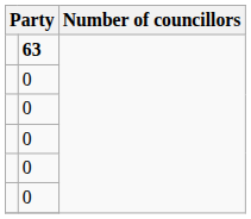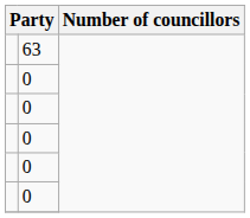 <table class="wikitable">
 <tr>
 <th colspan="2">Party</th>
 <th>Number of councillors</th>
 </tr>
 <tr>
 <td></td>
-<td><strong>63</strong></td>
+<td>63</td>
 </tr>
 <tr>
 <td></td>
 <td>0</td>
 </tr>
 <tr>
 <td></td>
 <td>0</td>
 </tr>
 <tr>
 <td></td>
 <td>0</td>
 </tr>
 <tr>
 <td></td>
 <td>0</td>
 </tr>
 <tr>
 <td></td>
 <td>0</td>
 </tr>
 <tr>
 </tr>
 </table>
